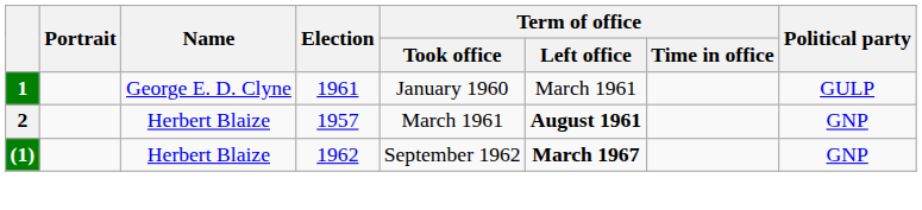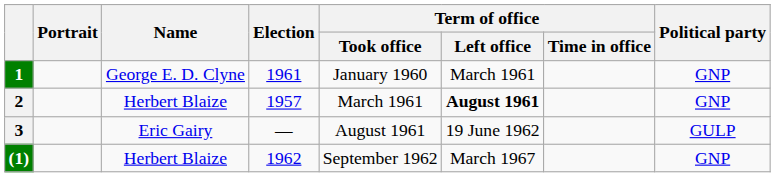 <table class=wikitable style=text-align:center>
 <tr>
 <th rowspan="2"></th>
 <th rowspan="2">Portrait</th>
 <th rowspan="2">Name<br></th>
 <th rowspan="2">Election</th>
 <th colspan="3">Term of office</th>
 <th rowspan="2">Political party</th>
 </tr>
 <tr>
 <th>Took office</th>
 <th>Left office</th>
 <th>Time in office</th>
 </tr>
 <tr>
 <th style="background:Green; color:white">1</th>
 <td></td>
 <td><a href='#'>George E. D. Clyne</a><br></td>
 <td><a href='#'>1961</a></td>
 <td>January 1960</td>
 <td>March 1961</td>
 <td></td>
-<td><a href='#'>GULP</a></td>
+<td><a href='#'>GNP</a></td>
 </tr>
 <tr>
 <th style="background:">2</th>
 <td></td>
 <td><a href='#'>Herbert Blaize</a><br></td>
 <td><a href='#'>1957</a></td>
 <td>March 1961</td>
 <td><strong>August 1961</strong></td>
 <td></td>
 <td><a href='#'>GNP</a></td>
 </tr>
 <tr>
+<th style="background:">3</th>
+<td></td>
+<td><a href='#'>Eric Gairy</a><br></td>
+<td>—</td>
+<td>August 1961</td>
+<td>19 June 1962</td>
+<td></td>
+<td><a href='#'>GULP</a></td>
+</tr>
+<tr>
 <th style="background:Green; color:white">(1)</th>
 <td></td>
 <td><a href='#'>Herbert Blaize</a><br></td>
 <td><a href='#'>1962</a></td>
 <td>September 1962</td>
-<td><strong>March 1967</strong></td>
+<td>March 1967</td>
 <td></td>
 <td><a href='#'>GNP</a></td>
 </tr>
 </table>
